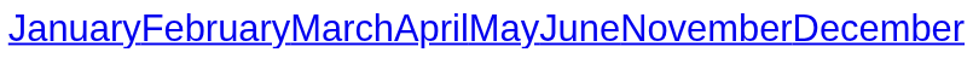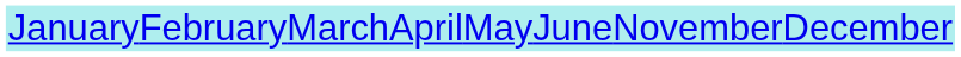 <table id="toc" class="toc" summary="Class">
 <tr>
 <th></th>
 </tr>
 <tr>
-<td style="text-align:center;"><a href='#'>January</a><a href='#'>February</a><a href='#'>March</a><a href='#'>April</a><a href='#'>May</a><a href='#'>June</a><a href='#'>November</a><a href='#'>December</a></td>
+<td style="background: paleturquoise; text-align:center;"><a href='#'>January</a><a href='#'>February</a><a href='#'>March</a><a href='#'>April</a><a href='#'>May</a><a href='#'>June</a><a href='#'>November</a><a href='#'>December</a></td>
 </tr>
 </table>
